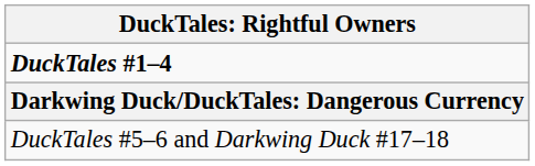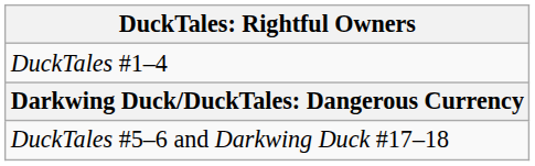 <table class="wikitable">
 <tr>
 <th colspan="2">DuckTales: Rightful Owners</th>
 </tr>
 <tr>
-<td valign="top"><strong><em>DuckTales</em> #1–4</strong></td>
+<td valign="top"><em>DuckTales</em> #1–4</td>
 </tr>
 <tr>
 <th colspan="2">Darkwing Duck/DuckTales: Dangerous Currency</th>
 </tr>
 <tr>
 <td valign="top"><em>DuckTales</em> #5–6 and <em>Darkwing Duck</em> #17–18</td>
 </tr>
 </table>
